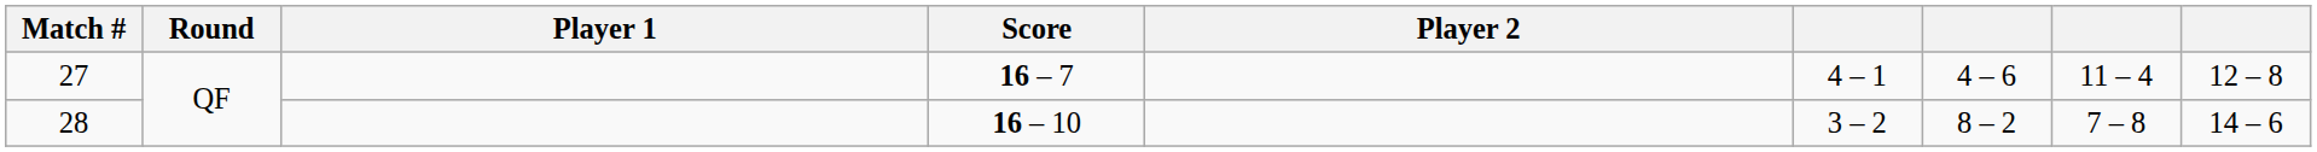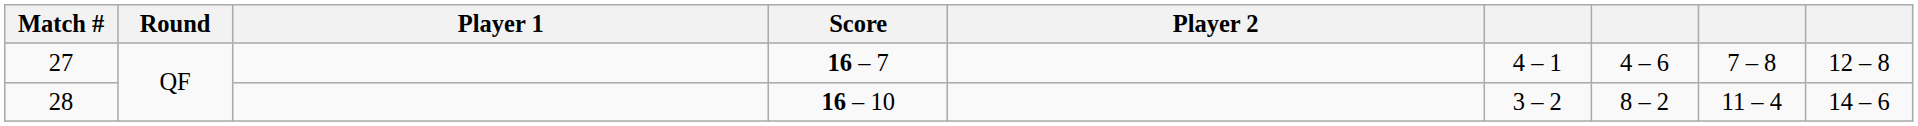 <table class="wikitable">
 <tr>
 <th width="2%">Match #</th>
 <th width="2%">Round</th>
 <th width="15%">Player 1</th>
 <th width="5%">Score</th>
 <th width="15%">Player 2</th>
 <th width="3%"></th>
 <th width="3%"></th>
 <th width="3%"></th>
 <th width="3%"></th>
 </tr>
 <tr style=text-align:center;"background:#;">
 <td>27</td>
 <td rowspan=2>QF</td>
 <td></td>
 <td><strong>16</strong> – 7</td>
 <td></td>
 <td>4 – 1</td>
 <td>4 – 6</td>
-<td>11 – 4</td>
+<td>7 – 8</td>
 <td>12 – 8</td>
 </tr>
 <tr style=text-align:center;"background:#;">
 <td>28</td>
 <td></td>
 <td><strong>16</strong> – 10</td>
 <td></td>
 <td>3 – 2</td>
 <td>8 – 2</td>
-<td>7 – 8</td>
+<td>11 – 4</td>
 <td>14 – 6</td>
 </tr>
 </table>
